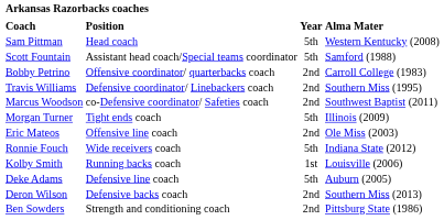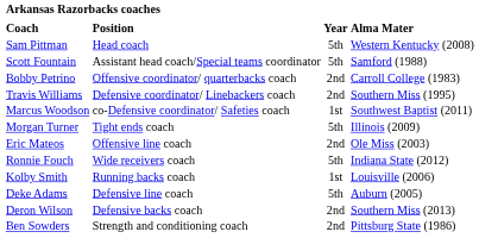 <table class="toccolours" style="text-align: left;">
 <tr>
 <td colspan="9"><strong>Arkansas Razorbacks coaches</strong></td>
 </tr>
 <tr>
 <td style="font-size: 95%;" valign="top"></td>
 <td></td>
 </tr>
 <tr>
 <th>Coach</th>
 <th>Position</th>
 <th>Year</th>
 <th>Alma Mater</th>
 <th></th>
 </tr>
 <tr>
 <td><a href='#'>Sam Pittman</a></td>
 <td><a href='#'>Head coach</a></td>
 <td align=center>5th</td>
 <td><a href='#'>Western Kentucky</a> (2008)</td>
 </tr>
 <tr>
 <td><a href='#'>Scott Fountain</a></td>
 <td>Assistant head coach/<a href='#'>Special teams</a> coordinator</td>
 <td align=center>5th</td>
 <td><a href='#'>Samford</a> (1988)</td>
 </tr>
 <tr>
 <td><a href='#'>Bobby Petrino</a></td>
 <td><a href='#'>Offensive coordinator</a>/ <a href='#'>quarterbacks</a> coach</td>
 <td align=center>2nd</td>
 <td><a href='#'>Carroll College</a> (1983)</td>
 </tr>
 <tr>
 <td><a href='#'>Travis Williams</a></td>
 <td><a href='#'>Defensive coordinator</a>/ <a href='#'>Linebackers</a> coach</td>
 <td align=center>2nd</td>
 <td><a href='#'>Southern Miss</a> (1995)</td>
 </tr>
 <tr>
 <td><a href='#'>Marcus Woodson</a></td>
 <td>co-<a href='#'>Defensive coordinator</a>/ <a href='#'>Safeties</a> coach</td>
-<td align=center>2nd</td>
+<td align=center>1st</td>
 <td><a href='#'>Southwest Baptist</a> (2011)</td>
 </tr>
 <tr>
 <td><a href='#'>Morgan Turner</a></td>
 <td><a href='#'>Tight ends</a> coach</td>
 <td align=center>5th</td>
 <td><a href='#'>Illinois</a> (2009)</td>
 </tr>
 <tr>
 <td><a href='#'>Eric Mateos</a></td>
 <td><a href='#'>Offensive line</a> coach</td>
 <td align=center>2nd</td>
 <td><a href='#'>Ole Miss</a> (2003)</td>
 </tr>
 <tr>
 <td><a href='#'>Ronnie Fouch</a></td>
 <td><a href='#'>Wide receivers</a> coach</td>
 <td align=center>5th</td>
 <td><a href='#'>Indiana State</a> (2012)</td>
 </tr>
 <tr>
 <td><a href='#'>Kolby Smith</a></td>
 <td><a href='#'>Running backs</a> coach</td>
 <td align=center>1st</td>
 <td><a href='#'>Louisville</a> (2006)</td>
 </tr>
 <tr>
 <td><a href='#'>Deke Adams</a></td>
 <td><a href='#'>Defensive line</a> coach</td>
 <td align=center>5th</td>
 <td><a href='#'>Auburn</a> (2005)</td>
 </tr>
 <tr>
 <td><a href='#'>Deron Wilson</a></td>
 <td><a href='#'>Defensive backs</a> coach</td>
 <td align=center>2nd</td>
 <td><a href='#'>Southern Miss</a> (2013)</td>
 </tr>
 <tr>
 <td><a href='#'>Ben Sowders</a></td>
 <td>Strength and conditioning coach</td>
 <td align=center>2nd</td>
 <td><a href='#'>Pittsburg State</a> (1986)</td>
 </tr>
 <tr>
 </tr>
 </table>
